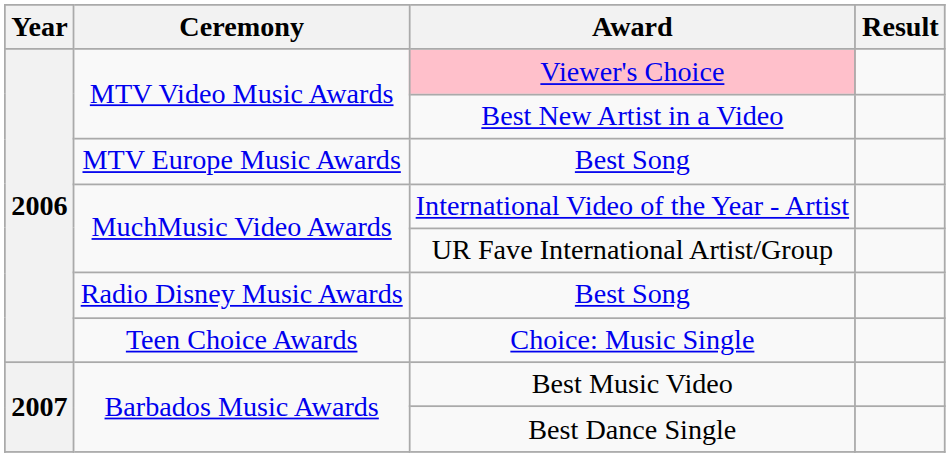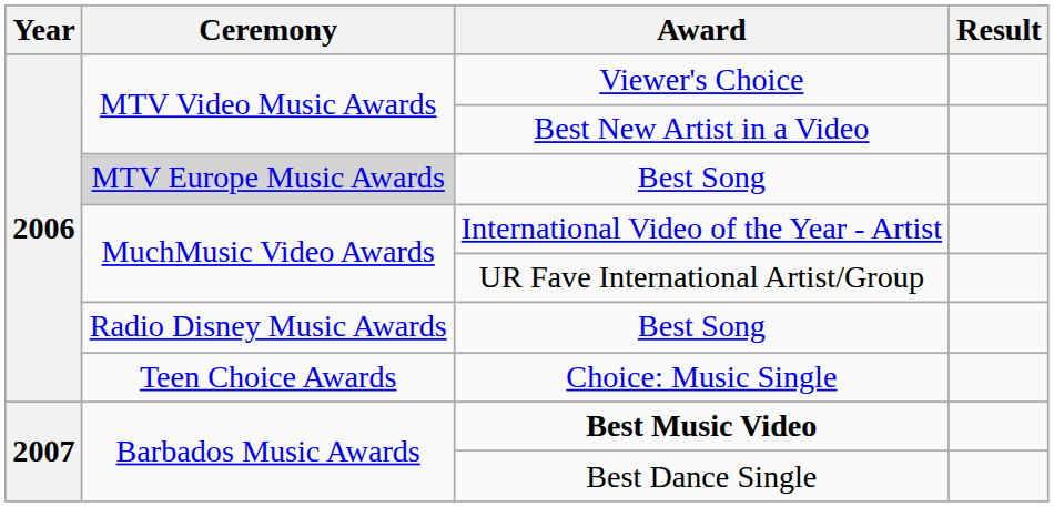 <table class="wikitable plainrowheaders" style="text-align:center;">
 <tr>
 <th scope="col">Year</th>
 <th scope="col">Ceremony</th>
 <th scope="col">Award</th>
 <th scope="col">Result</th>
 </tr>
 <tr>
 <th scope="row" rowspan="7">2006</th>
 <td scope rowspan="2"><a href='#'>MTV Video Music Awards</a></td>
-<td style="background: pink;"><a href='#'>Viewer's Choice</a></td>
+<td><a href='#'>Viewer's Choice</a></td>
 <td></td>
 </tr>
 <tr>
 <td><a href='#'>Best New Artist in a Video</a></td>
 <td></td>
 </tr>
 <tr>
-<td><a href='#'>MTV Europe Music Awards</a></td>
+<td style="background: lightgrey;"><a href='#'>MTV Europe Music Awards</a></td>
 <td><a href='#'>Best Song</a></td>
 <td></td>
 </tr>
 <tr>
 <td scope rowspan="2"><a href='#'>MuchMusic Video Awards</a></td>
 <td><a href='#'>International Video of the Year - Artist</a></td>
 <td></td>
 </tr>
 <tr>
 <td>UR Fave International Artist/Group</td>
 <td></td>
 </tr>
 <tr>
 <td><a href='#'>Radio Disney Music Awards</a></td>
 <td><a href='#'>Best Song</a></td>
 <td></td>
 </tr>
 <tr>
 <td><a href='#'>Teen Choice Awards</a></td>
 <td><a href='#'>Choice: Music Single</a></td>
 <td></td>
 </tr>
 <tr>
 <th scope="row" rowspan="2">2007</th>
 <td scope rowspan="2"><a href='#'>Barbados Music Awards</a></td>
-<td>Best Music Video</td>
+<td><strong>Best Music Video</strong></td>
 <td></td>
 </tr>
 <tr>
 <td>Best Dance Single</td>
 <td></td>
 </tr>
 </table>
